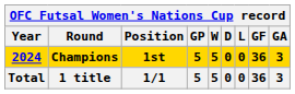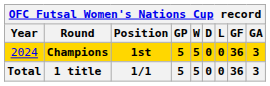 <table class="wikitable" style="text-align: center;font-size:90%;">
 <tr>
 <th colspan=9><a href='#'>OFC Futsal Women's Nations Cup</a> record</th>
 </tr>
 <tr>
 <th>Year</th>
 <th>Round</th>
 <th>Position</th>
 <th>GP</th>
 <th>W</th>
 <th>D</th>
 <th>L</th>
 <th>GF</th>
 <th>GA</th>
 </tr>
 <tr bgcolor=gold>
-<td><strong> <a href='#'>2024</a></strong></td>
+<td> <a href='#'>2024</a></td>
 <td><strong>Champions</strong></td>
 <td><strong>1st</strong></td>
 <td><strong>5</strong></td>
 <td><strong>5</strong></td>
 <td><strong>0</strong></td>
 <td><strong>0</strong></td>
 <td><strong>36</strong></td>
 <td><strong>3</strong></td>
 </tr>
 <tr>
 <th><strong>Total</strong></th>
 <th>1 title</th>
 <th><strong>1/1</strong></th>
 <th><strong>5</strong></th>
 <th><strong>5</strong></th>
 <th><strong>0</strong></th>
 <th><strong>0</strong></th>
 <th><strong>36</strong></th>
 <th><strong>3</strong></th>
 </tr>
 </table>
